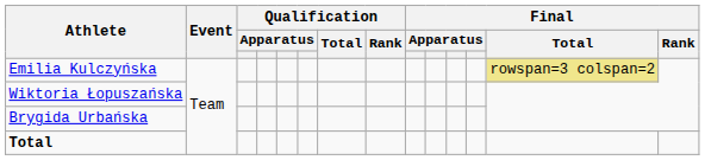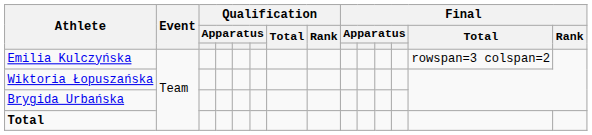 <table class="wikitable" style="font-size:90%">
 <tr>
 <th rowspan=3>Athlete</th>
 <th rowspan=3>Event</th>
 <th colspan=6>Qualification</th>
 <th colspan=6>Final</th>
 </tr>
 <tr style="font-size:95%">
 <th colspan=4>Apparatus</th>
 <th rowspan=2>Total</th>
 <th rowspan=2>Rank</th>
 <th colspan=4>Apparatus</th>
 <th rowspan=2>Total</th>
 <th rowspan=2>Rank</th>
 </tr>
 <tr style="font-size:95%">
 <th></th>
 <th></th>
 <th></th>
 <th></th>
 <th></th>
 <th></th>
 <th></th>
 <th></th>
 </tr>
 <tr align=center>
 <td align=left><a href='#'>Emilia Kulczyńska</a></td>
 <td align=left rowspan=4>Team</td>
 <td></td>
 <td></td>
 <td></td>
 <td></td>
 <td></td>
 <td></td>
 <td></td>
 <td></td>
 <td></td>
 <td></td>
-<td style="background: khaki;">rowspan=3 colspan=2</td>
+<td>rowspan=3 colspan=2</td>
 </tr>
 <tr align=center>
 <td align=left><a href='#'>Wiktoria Łopuszańska</a></td>
 <td></td>
 <td></td>
 <td></td>
 <td></td>
 <td></td>
 <td></td>
 <td></td>
 <td></td>
 <td></td>
 <td></td>
 </tr>
 <tr align=center>
 <td align=left><a href='#'>Brygida Urbańska</a></td>
 <td></td>
 <td></td>
 <td></td>
 <td></td>
 <td></td>
 <td></td>
 <td></td>
 <td></td>
 <td></td>
 <td></td>
 </tr>
 <tr align=center>
 <td align=left><strong>Total</strong></td>
 <td></td>
 <td></td>
 <td></td>
 <td></td>
 <td></td>
 <td></td>
 <td></td>
 <td></td>
 <td></td>
 <td></td>
 <td></td>
 <td></td>
 </tr>
 </table>
